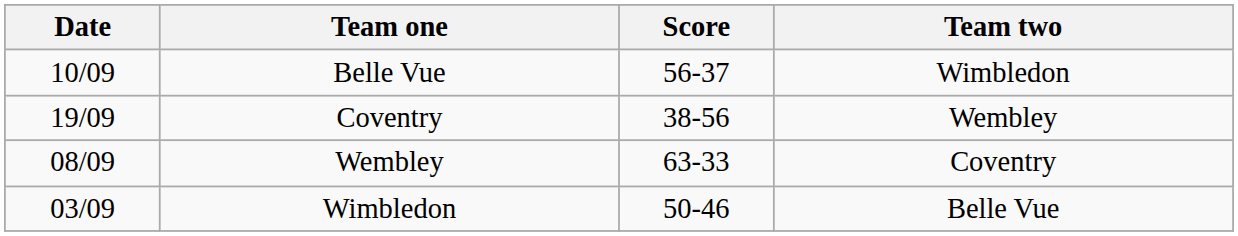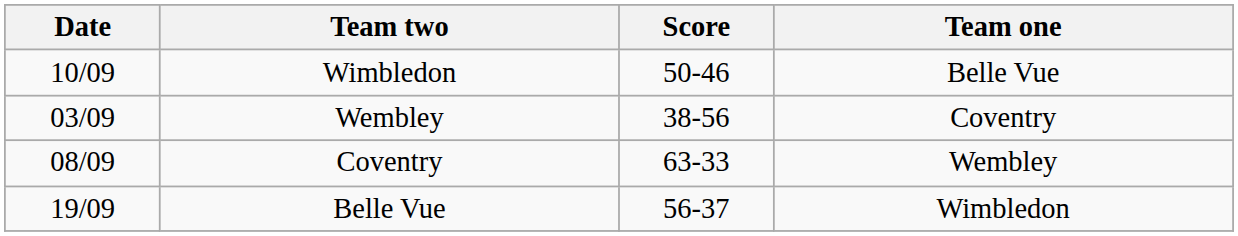 <table class="wikitable" style="text-align: center">
 <tr>
 <th width=80>Date</th>
+<th width=250>Team two</th>
+<th width=80>Score</th>
 <th width=250>Team one</th>
-<th width=80>Score</th>
-<th width=250>Team two</th>
 </tr>
 <tr>
 <td>10/09</td>
+<td>Wimbledon</td>
+<td>50-46</td>
+<td>Belle Vue</td>
+</tr>
+<tr>
+<td>03/09</td>
+<td>Wembley</td>
+<td>38-56</td>
+<td>Coventry</td>
+</tr>
+<tr>
+<td>08/09</td>
+<td>Coventry</td>
+<td>63-33</td>
+<td>Wembley</td>
+</tr>
+<tr>
+<td>19/09</td>
 <td>Belle Vue</td>
 <td>56-37</td>
 <td>Wimbledon</td>
 </tr>
-<tr>
-<td>19/09</td>
-<td>Coventry</td>
-<td>38-56</td>
-<td>Wembley</td>
-</tr>
-<tr>
-<td>08/09</td>
-<td>Wembley</td>
-<td>63-33</td>
-<td>Coventry</td>
-</tr>
-<tr>
-<td>03/09</td>
-<td>Wimbledon</td>
-<td>50-46</td>
-<td>Belle Vue</td>
-</tr>
 </table>
